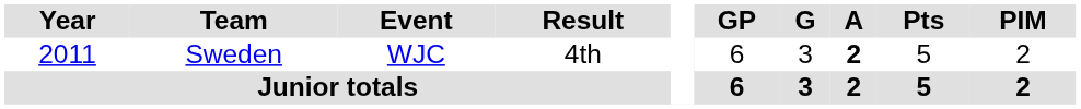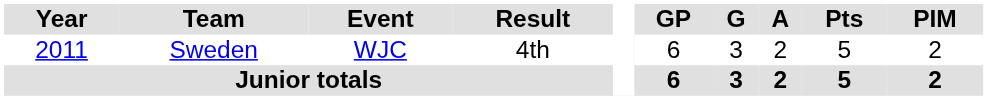 <table border="0" cellpadding="1" cellspacing="0" style="text-align:center; width:40em">
 <tr ALIGN="center" bgcolor="#e0e0e0">
 <th>Year</th>
 <th>Team</th>
 <th>Event</th>
 <th>Result</th>
 <th rowspan="99" bgcolor="#ffffff"> </th>
 <th>GP</th>
 <th>G</th>
 <th>A</th>
 <th>Pts</th>
 <th>PIM</th>
 </tr>
 <tr>
 <td><a href='#'>2011</a></td>
 <td><a href='#'>Sweden</a></td>
 <td><a href='#'>WJC</a></td>
 <td>4th</td>
 <td>6</td>
 <td>3</td>
-<td><strong>2</strong></td>
+<td>2</td>
 <td>5</td>
 <td>2</td>
 </tr>
 <tr ALIGN="center" bgcolor="#e0e0e0">
 <th colspan=4>Junior totals</th>
 <th>6</th>
 <th>3</th>
 <th>2</th>
 <th>5</th>
 <th>2</th>
 </tr>
 </table>
